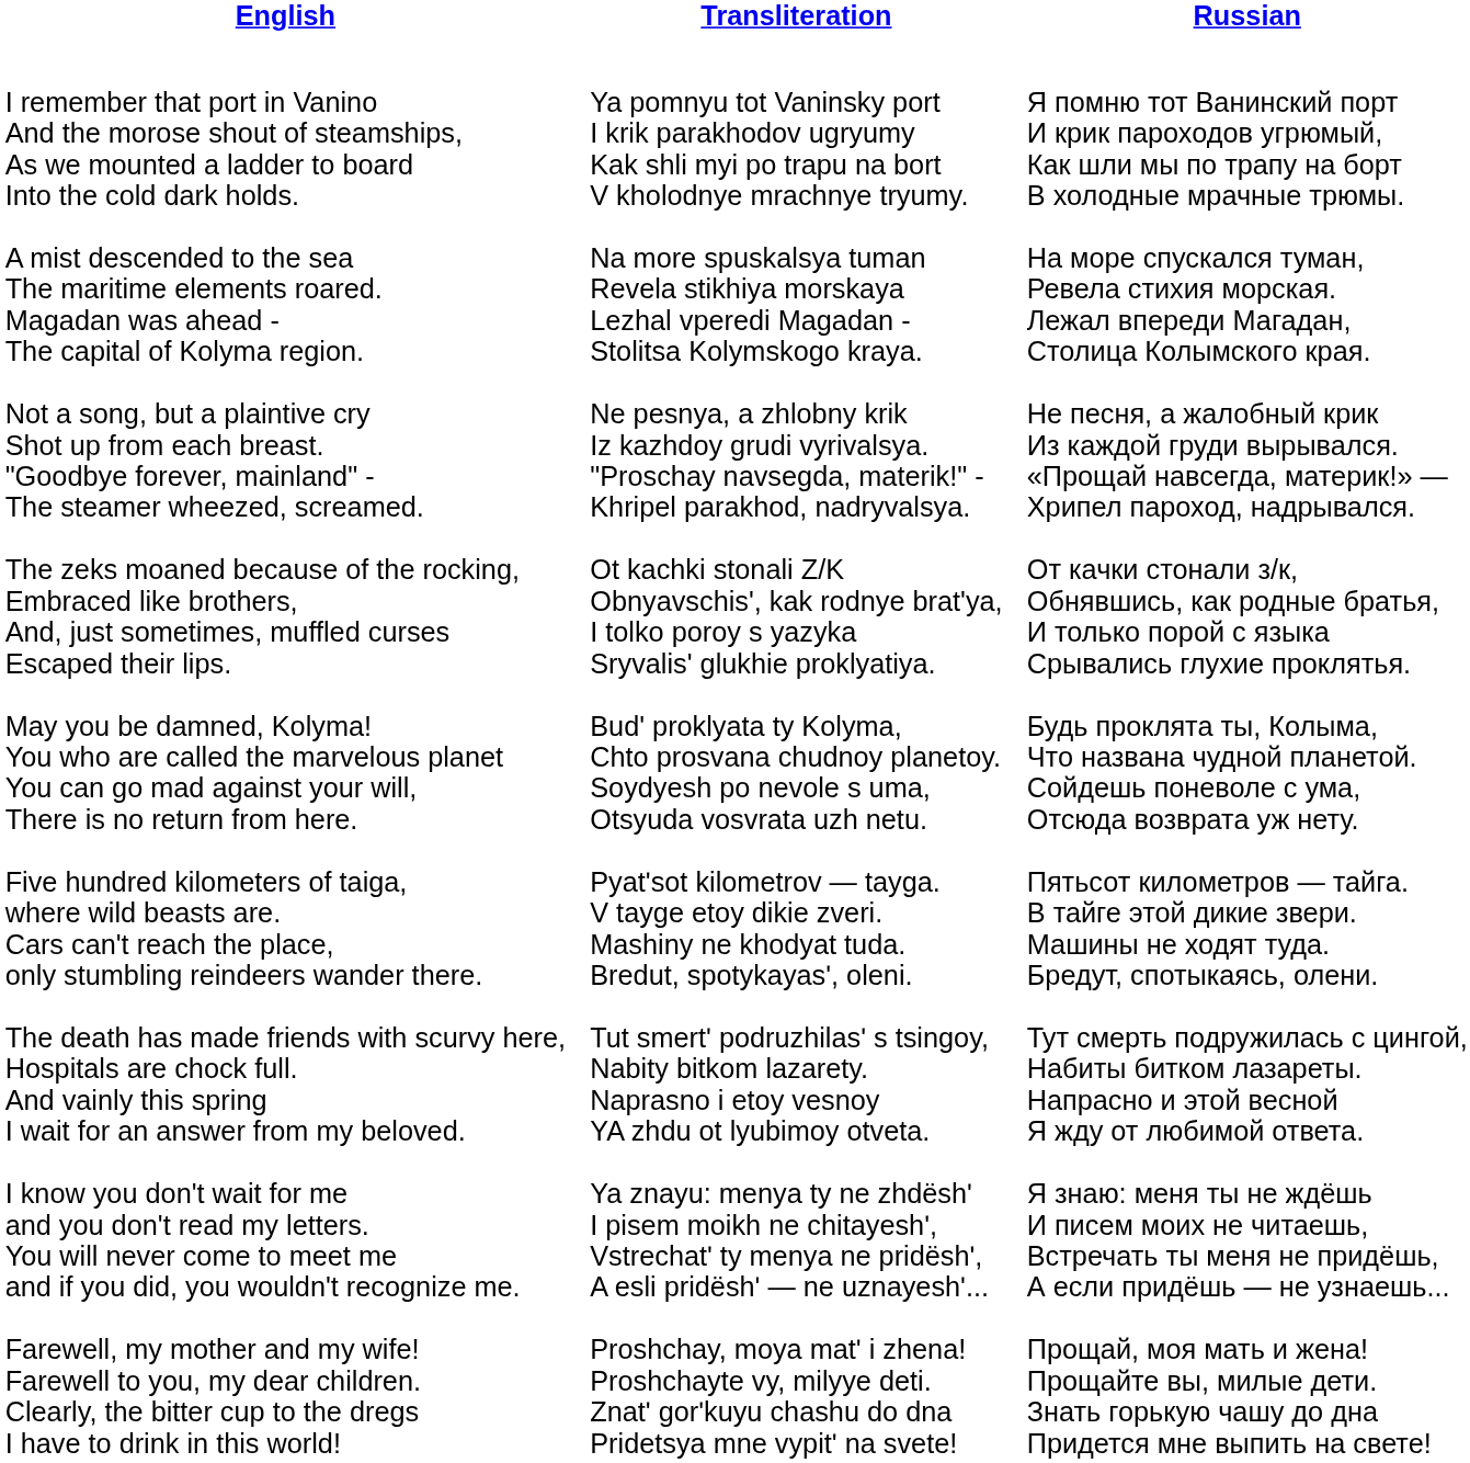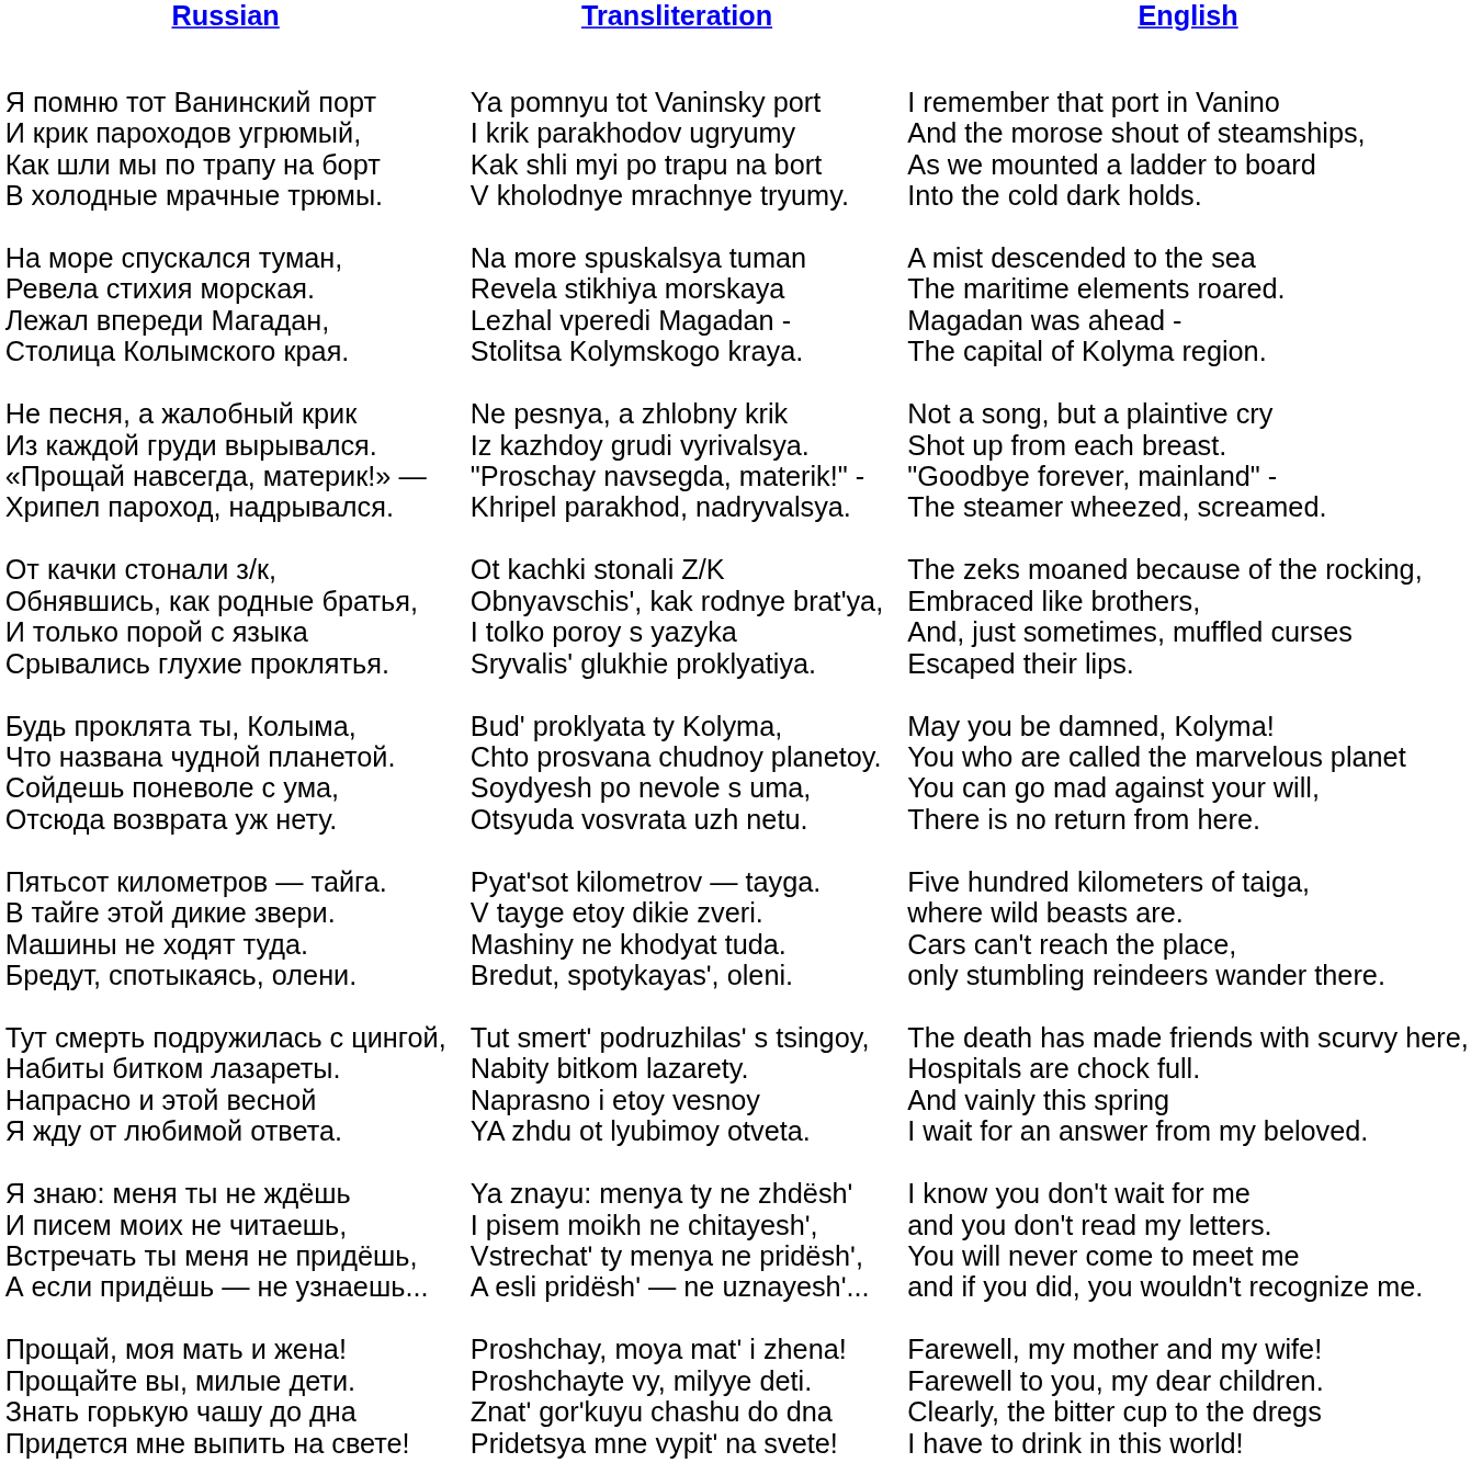 <table cellpadding=6>
 <tr>
+<th><a href='#'>Russian</a></th>
+<th><a href='#'>Transliteration</a></th>
 <th><a href='#'>English</a></th>
-<th><a href='#'>Transliteration</a></th>
-<th><a href='#'>Russian</a></th>
 </tr>
 <tr style="vertical-align:top; white-space:nowrap;">
+<td><br>Я помню тот Ванинский порт <br> И крик пароходов угрюмый,<br> Как шли мы по трапу на борт <br> В холодные мрачные трюмы.<br> <br> На море спускался туман,<br> Ревела стихия морская.<br> Лежал впереди Магадан,<br> Столица Колымского края.<br> <br> Не песня, а жалобный крик <br> Из каждой груди вырывался.<br> «Прощай навсегда, материк!» — <br> Хрипел пароход, надрывался.<br> <br> От качки стонали з/к,<br> Обнявшись, как родные братья, <br> И только порой с языка <br> Срывались глухие проклятья. <br> <br> Будь проклята ты, Колыма, <br> Что названа чудной планетой. <br> Сойдешь поневоле с ума, <br> Отсюда возврата уж нету. <br> <br> Пятьсот километров — тайга. <br> В тайге этой дикие звери. <br> Машины не ходят туда. <br> Бредут, спотыкаясь, олени. <br> <br> Тут смерть подружилась с цингой, <br> Набиты битком лазареты. <br> Напрасно и этой весной <br> Я жду от любимой ответа. <br> <br> Я знаю: меня ты не ждёшь <br> И писем моих не читаешь, <br> Встречать ты меня не придёшь, <br> А если придёшь — не узнаешь... <br> <br> Прощай, моя мать и жена! <br> Прощайте вы, милые дети. <br> Знать горькую чашу до дна <br> Придется мне выпить на свете! <br></td>
+<td><br>Ya pomnyu tot Vaninsky port <br> I krik parakhodov ugryumy <br> Kak shli myi po trapu na bort <br> V kholodnye mrachnye tryumy. <br> <br> Na more spuskalsya tuman <br> Revela stikhiya morskaya <br> Lezhal vperedi Magadan - <br> Stolitsa Kolymskogo kraya. <br> <br> Ne pesnya, a zhlobny krik <br> Iz kazhdoy grudi vyrivalsya. <br> "Proschay navsegda, materik!" - <br> Khripel parakhod, nadryvalsya. <br> <br> Ot kachki stonali Z/K <br> Obnyavschis', kak rodnye brat'ya, <br> I tolko poroy s yazyka<br> Sryvalis' glukhie proklyatiya.<br> <br> Bud' proklyata ty Kolyma,<br> Chto prosvana chudnoy planetoy.<br> Soydyesh po nevole s uma,<br> Otsyuda vosvrata uzh netu.<br> <br> Pyatʹsot kilometrov — tayga.<br> V tayge etoy dikie zveri.<br> Mashiny ne khodyat tuda.<br> Bredut, spotykayasʹ, oleni.<br> <br> Tut smertʹ podruzhilasʹ s tsingoy,<br> Nabity bitkom lazarety.<br> Naprasno i etoy vesnoy<br> YA zhdu ot lyubimoy otveta.<br> <br> Ya znayu: menya ty ne zhdëshʹ<br> I pisem moikh ne chitayeshʹ,<br> Vstrechatʹ ty menya ne pridëshʹ,<br> A esli pridëshʹ — ne uznayeshʹ...<br> <br> Proshchay, moya matʹ i zhena!<br> Proshchayte vy, milyye deti.<br> Znatʹ gorʹkuyu chashu do dna<br> Pridetsya mne vypitʹ na svete!</td>
 <td><br>I remember that port in Vanino <br> And the morose shout of steamships, <br> As we mounted a ladder to board <br> Into the cold dark holds. <br> <br> A mist descended to the sea <br> The maritime elements roared. <br> Magadan was ahead - <br> The capital of Kolyma region. <br> <br> Not a song, but a plaintive cry<br> Shot up from each breast.<br> "Goodbye forever, mainland" -<br> The steamer wheezed, screamed.<br> <br> The zeks moaned because of the rocking,<br> Embraced like brothers,<br> And, just sometimes, muffled curses<br> Escaped their lips.<br> <br> May you be damned, Kolyma!<br> You who are called the marvelous planet<br> You can go mad against your will,<br> There is no return from here.<br> <br> Five hundred kilometers of taiga,<br> where wild beasts are.<br> Cars can't reach the place,<br> only stumbling reindeers wander there.<br> <br> The death has made friends with scurvy here,<br> Hospitals are chock full.<br> And vainly this spring<br> I wait for an answer from my beloved.<br> <br> I know you don't wait for me<br> and you don't read my letters.<br> You will never come to meet me<br> and if you did, you wouldn't recognize me.<br> <br> Farewell, my mother and my wife!<br> Farewell to you, my dear children.<br> Clearly, the bitter cup to the dregs<br> I have to drink in this world!<br></td>
-<td><br>Ya pomnyu tot Vaninsky port <br> I krik parakhodov ugryumy <br> Kak shli myi po trapu na bort <br> V kholodnye mrachnye tryumy. <br> <br> Na more spuskalsya tuman <br> Revela stikhiya morskaya <br> Lezhal vperedi Magadan - <br> Stolitsa Kolymskogo kraya. <br> <br> Ne pesnya, a zhlobny krik <br> Iz kazhdoy grudi vyrivalsya. <br> "Proschay navsegda, materik!" - <br> Khripel parakhod, nadryvalsya. <br> <br> Ot kachki stonali Z/K <br> Obnyavschis', kak rodnye brat'ya, <br> I tolko poroy s yazyka<br> Sryvalis' glukhie proklyatiya.<br> <br> Bud' proklyata ty Kolyma,<br> Chto prosvana chudnoy planetoy.<br> Soydyesh po nevole s uma,<br> Otsyuda vosvrata uzh netu.<br> <br> Pyatʹsot kilometrov — tayga.<br> V tayge etoy dikie zveri.<br> Mashiny ne khodyat tuda.<br> Bredut, spotykayasʹ, oleni.<br> <br> Tut smertʹ podruzhilasʹ s tsingoy,<br> Nabity bitkom lazarety.<br> Naprasno i etoy vesnoy<br> YA zhdu ot lyubimoy otveta.<br> <br> Ya znayu: menya ty ne zhdëshʹ<br> I pisem moikh ne chitayeshʹ,<br> Vstrechatʹ ty menya ne pridëshʹ,<br> A esli pridëshʹ — ne uznayeshʹ...<br> <br> Proshchay, moya matʹ i zhena!<br> Proshchayte vy, milyye deti.<br> Znatʹ gorʹkuyu chashu do dna<br> Pridetsya mne vypitʹ na svete!</td>
-<td><br>Я помню тот Ванинский порт <br> И крик пароходов угрюмый,<br> Как шли мы по трапу на борт <br> В холодные мрачные трюмы.<br> <br> На море спускался туман,<br> Ревела стихия морская.<br> Лежал впереди Магадан,<br> Столица Колымского края.<br> <br> Не песня, а жалобный крик <br> Из каждой груди вырывался.<br> «Прощай навсегда, материк!» — <br> Хрипел пароход, надрывался.<br> <br> От качки стонали з/к,<br> Обнявшись, как родные братья, <br> И только порой с языка <br> Срывались глухие проклятья. <br> <br> Будь проклята ты, Колыма, <br> Что названа чудной планетой. <br> Сойдешь поневоле с ума, <br> Отсюда возврата уж нету. <br> <br> Пятьсот километров — тайга. <br> В тайге этой дикие звери. <br> Машины не ходят туда. <br> Бредут, спотыкаясь, олени. <br> <br> Тут смерть подружилась с цингой, <br> Набиты битком лазареты. <br> Напрасно и этой весной <br> Я жду от любимой ответа. <br> <br> Я знаю: меня ты не ждёшь <br> И писем моих не читаешь, <br> Встречать ты меня не придёшь, <br> А если придёшь — не узнаешь... <br> <br> Прощай, моя мать и жена! <br> Прощайте вы, милые дети. <br> Знать горькую чашу до дна <br> Придется мне выпить на свете! <br></td>
 </tr>
 </table>
